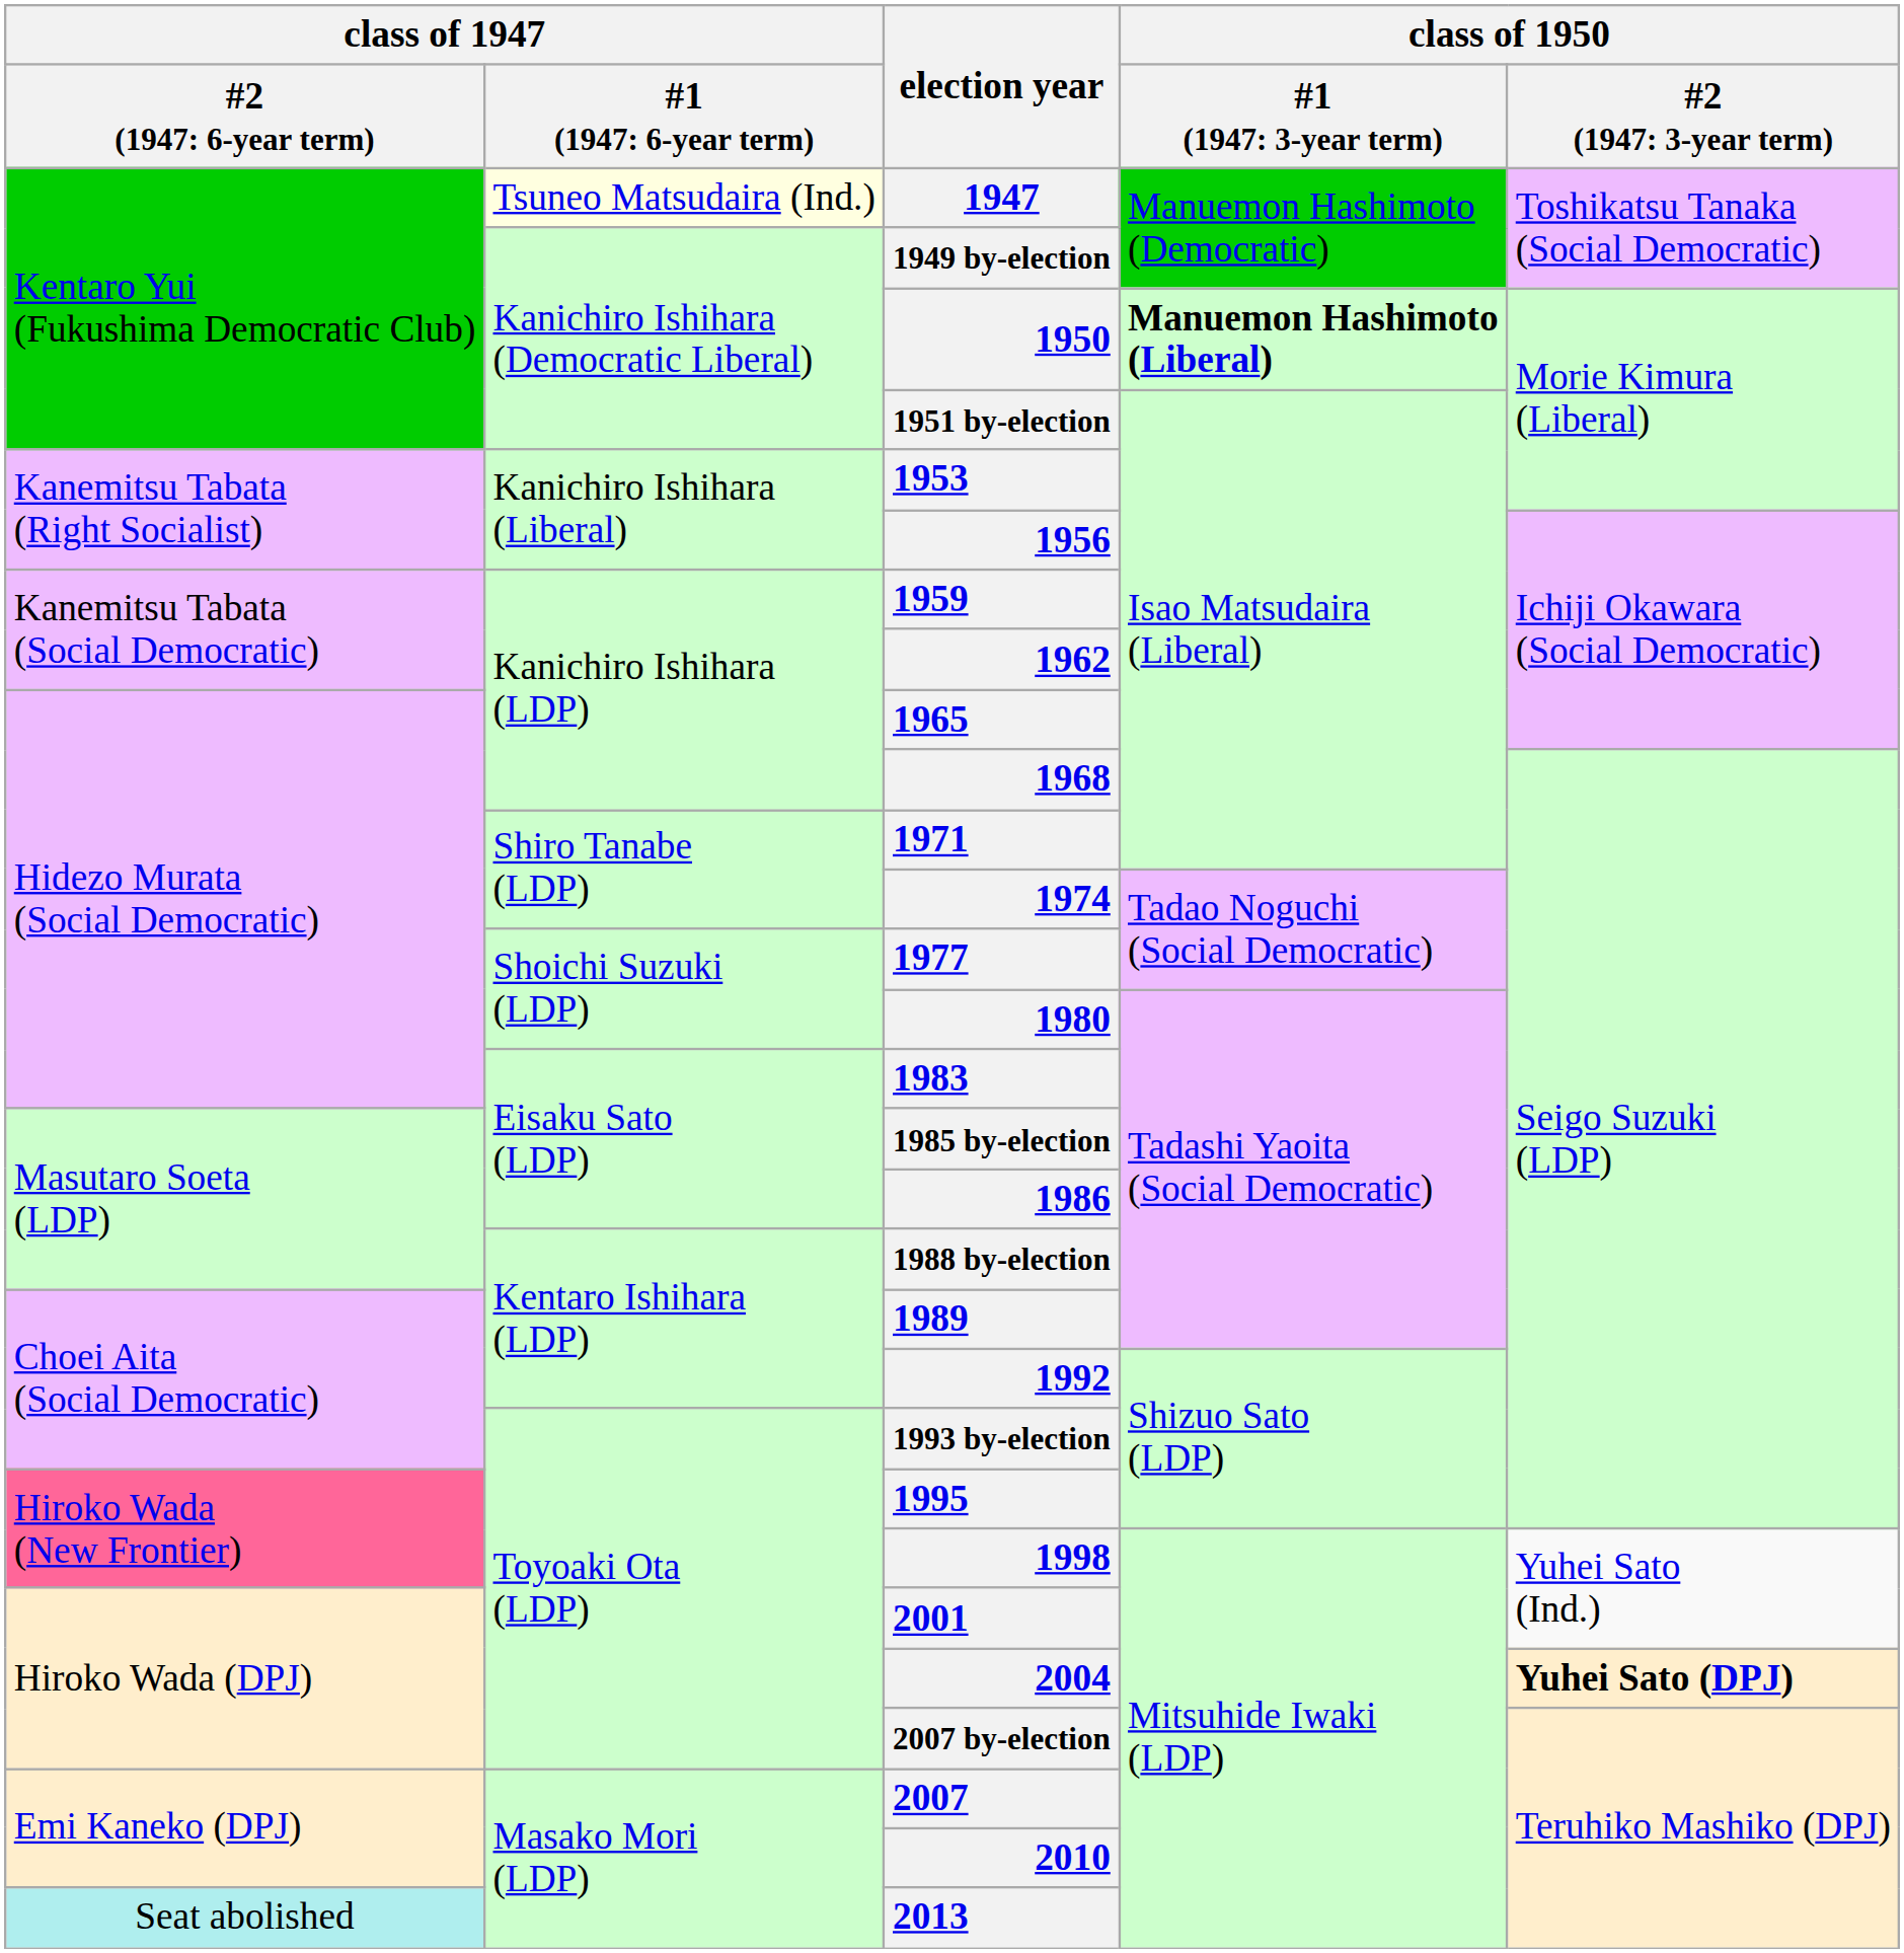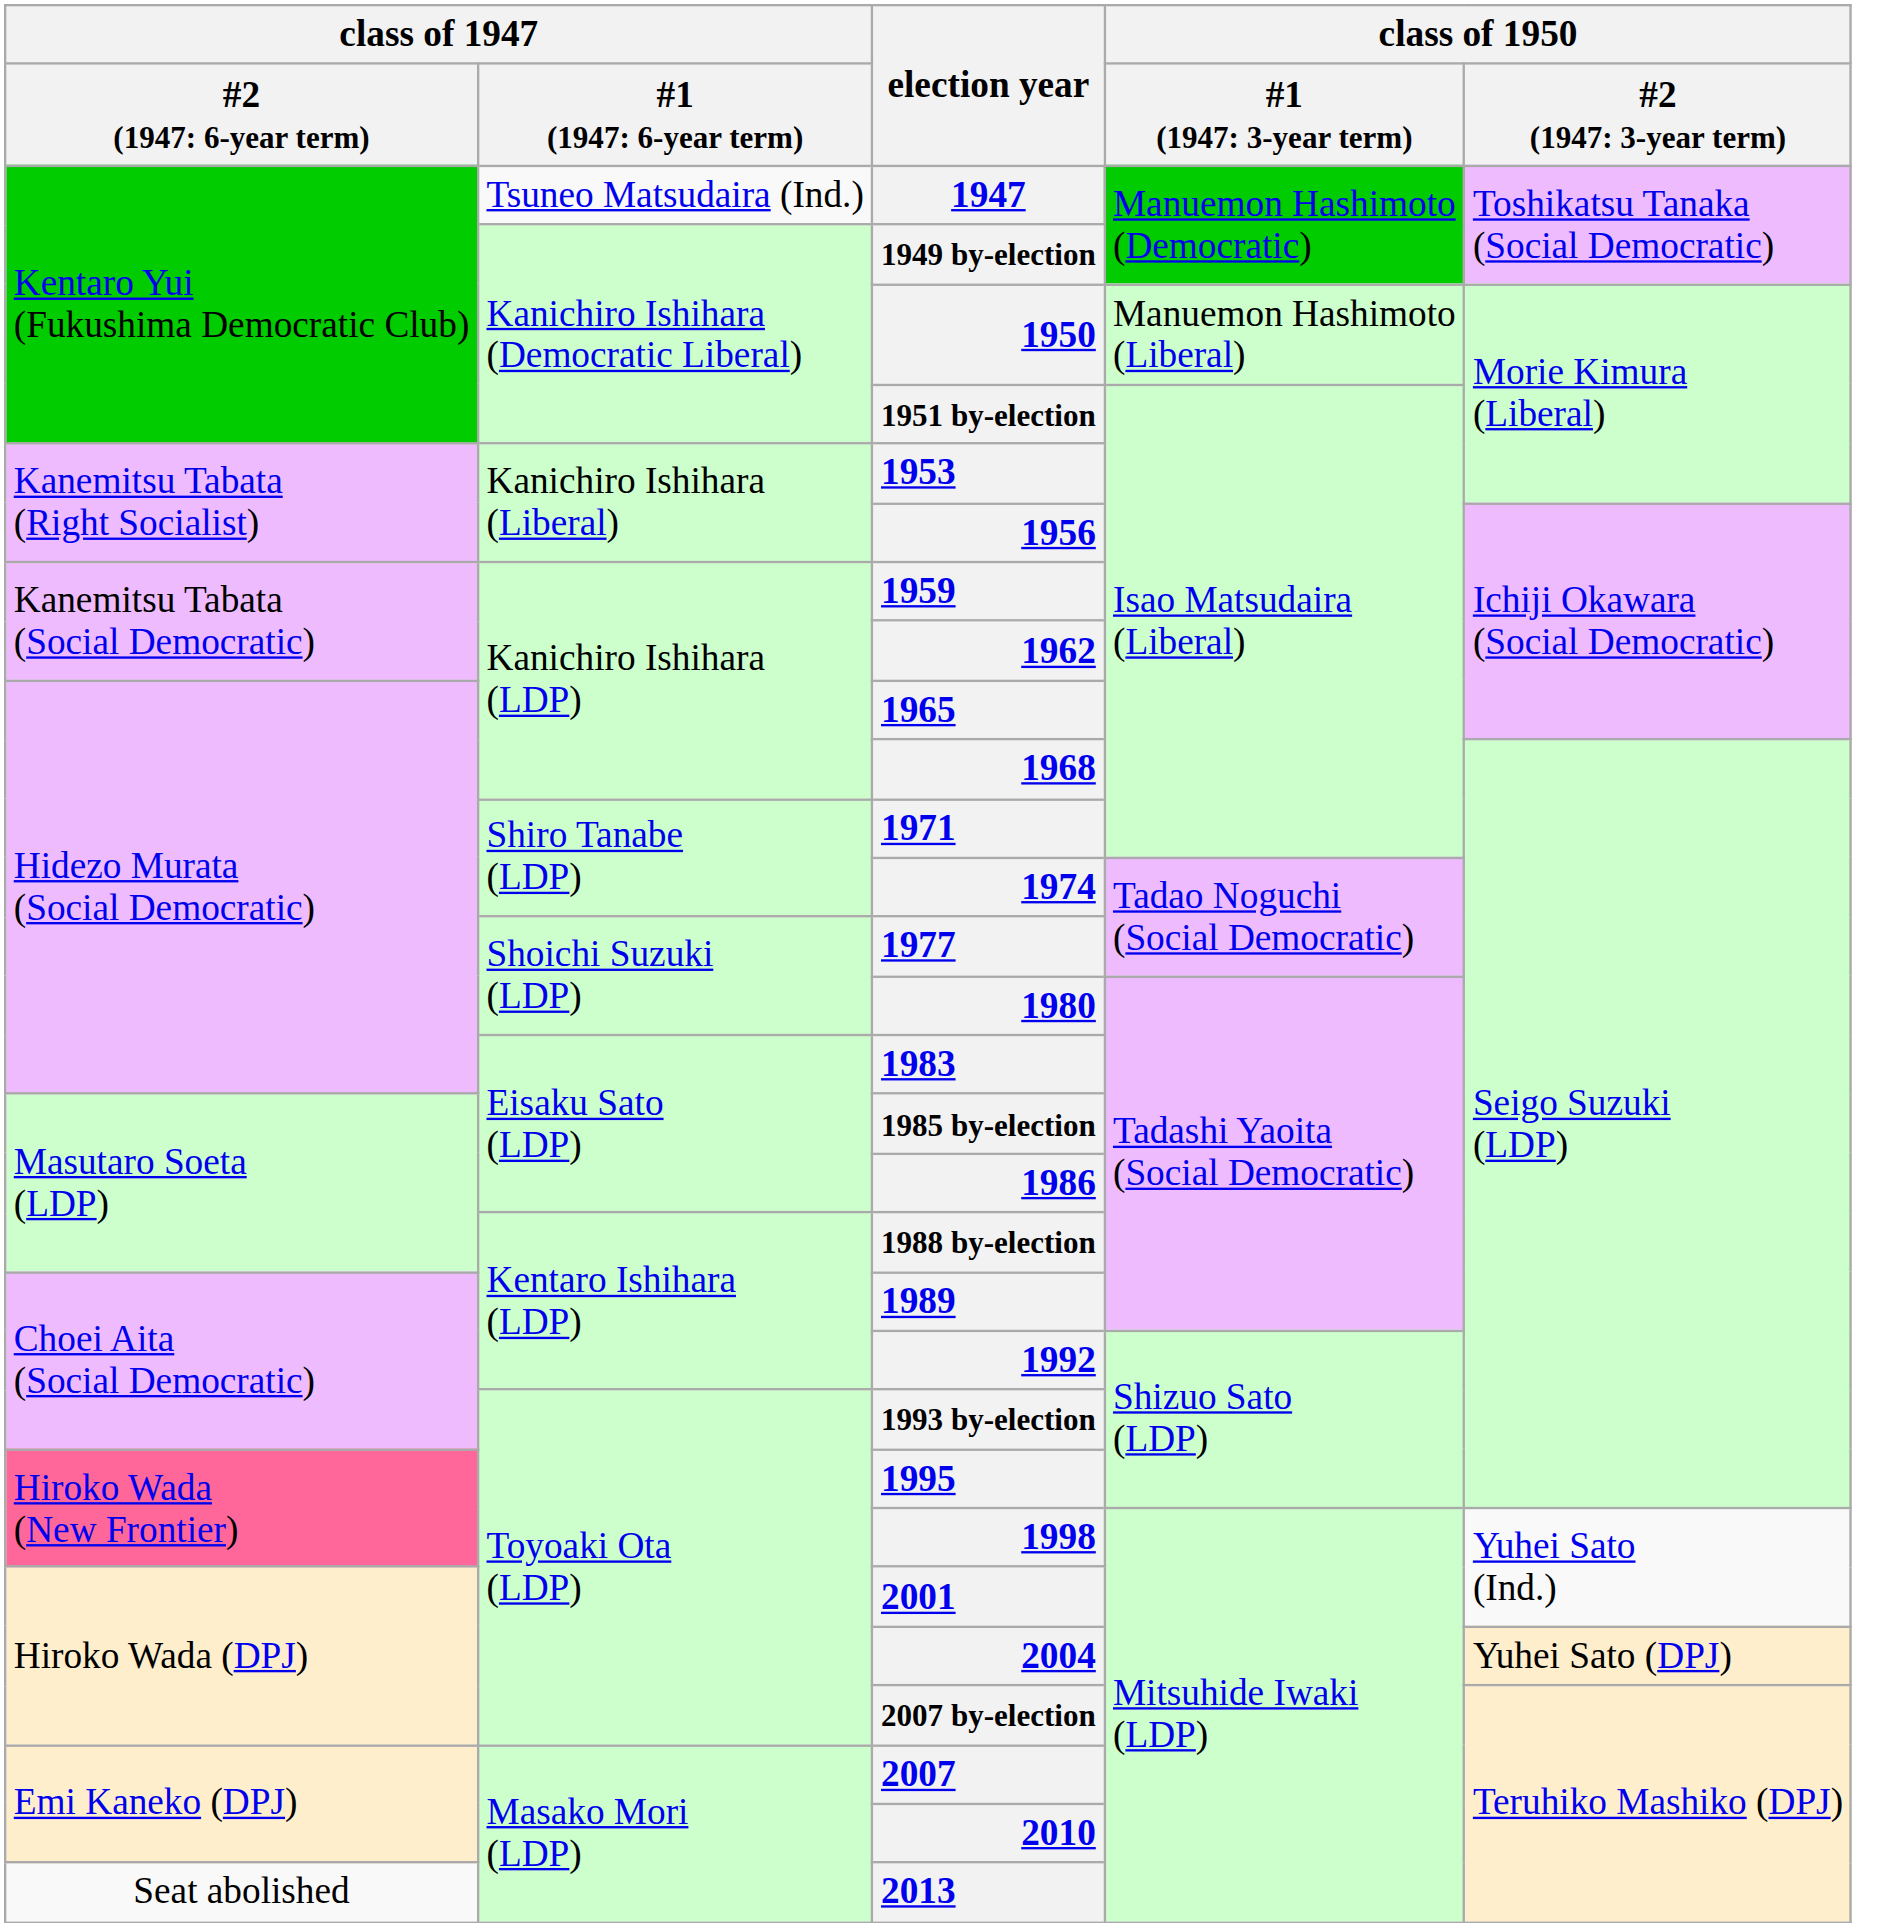 <table class="wikitable" border="1">
 <tr>
 <th colspan="2">class of 1947</th>
 <th rowspan="2">election year</th>
 <th colspan="2">class of 1950</th>
 </tr>
 <tr>
 <th>#2<br><small>(1947: 6-year term)</small></th>
 <th>#1<br><small>(1947: 6-year term)</small></th>
 <th>#1<br><small>(1947: 3-year term)</small></th>
 <th>#2<br><small>(1947: 3-year term)</small></th>
 </tr>
 <tr>
 <td rowspan="4" bgcolor="#00CC00"><a href='#'>Kentaro Yui</a><br>(Fukushima Democratic Club)</td>
-<td style="background: lightyellow;"><a href='#'>Tsuneo Matsudaira</a> (Ind.)</td>
+<td><a href='#'>Tsuneo Matsudaira</a> (Ind.)</td>
 <th style="text-align: center"><a href='#'>1947</a></th>
 <td rowspan="2" bgcolor="#00CC00"><a href='#'>Manuemon Hashimoto</a><br>(<a href='#'>Democratic</a>)</td>
 <td rowspan="2" bgcolor="#EEBBFF"><a href='#'>Toshikatsu Tanaka</a><br>(<a href='#'>Social Democratic</a>)</td>
 </tr>
 <tr>
 <td rowspan="3" bgcolor="#CCFFCC"><a href='#'>Kanichiro Ishihara</a><br>(<a href='#'>Democratic Liberal</a>)</td>
 <th style="text-align: left"><small>1949 by-election</small></th>
 </tr>
 <tr>
 <th style="text-align: right"><a href='#'>1950</a></th>
-<td bgcolor="#CCFFCC"><strong>Manuemon Hashimoto<br>(<a href='#'>Liberal</a>)</strong></td>
+<td bgcolor="#CCFFCC">Manuemon Hashimoto<br>(<a href='#'>Liberal</a>)</td>
 <td rowspan="3" bgcolor="#CCFFCC"><a href='#'>Morie Kimura</a><br>(<a href='#'>Liberal</a>)</td>
 </tr>
 <tr>
 <th style="text-align: right"><small>1951 by-election</small></th>
 <td rowspan="8" bgcolor="#CCFFCC"><a href='#'>Isao Matsudaira</a><br>(<a href='#'>Liberal</a>)</td>
 </tr>
 <tr>
 <td rowspan="2" bgcolor="#EEBBFF"><a href='#'>Kanemitsu Tabata</a><br>(<a href='#'>Right Socialist</a>)</td>
 <td rowspan="2" bgcolor="#CCFFCC">Kanichiro Ishihara<br>(<a href='#'>Liberal</a>)</td>
 <th style="text-align: left"><a href='#'>1953</a></th>
 </tr>
 <tr>
 <th style="text-align: right"><a href='#'>1956</a></th>
 <td rowspan="4" bgcolor="#EEBBFF"><a href='#'>Ichiji Okawara</a><br>(<a href='#'>Social Democratic</a>)</td>
 </tr>
 <tr>
 <td rowspan="2" bgcolor="#EEBBFF">Kanemitsu Tabata<br>(<a href='#'>Social Democratic</a>)</td>
 <td rowspan="4" bgcolor="#CCFFCC">Kanichiro Ishihara<br>(<a href='#'>LDP</a>)</td>
 <th style="text-align: left"><a href='#'>1959</a></th>
 </tr>
 <tr>
 <th style="text-align: right"><a href='#'>1962</a></th>
 </tr>
 <tr>
 <td rowspan="7" bgcolor="#EEBBFF"><a href='#'>Hidezo Murata</a><br>(<a href='#'>Social Democratic</a>)</td>
 <th style="text-align: left"><a href='#'>1965</a></th>
 </tr>
 <tr>
 <th style="text-align: right"><a href='#'>1968</a></th>
 <td rowspan="13" bgcolor="#CCFFCC"><a href='#'>Seigo Suzuki</a><br>(<a href='#'>LDP</a>)</td>
 </tr>
 <tr>
 <td rowspan="2" bgcolor="#CCFFCC"><a href='#'>Shiro Tanabe</a><br>(<a href='#'>LDP</a>)</td>
 <th style="text-align: left"><a href='#'>1971</a></th>
 </tr>
 <tr>
 <th style="text-align: right"><a href='#'>1974</a></th>
 <td rowspan="2" bgcolor="#EEBBFF"><a href='#'>Tadao Noguchi</a><br>(<a href='#'>Social Democratic</a>)</td>
 </tr>
 <tr>
 <td rowspan="2" bgcolor="#CCFFCC"><a href='#'>Shoichi Suzuki</a><br>(<a href='#'>LDP</a>)</td>
 <th style="text-align: left"><a href='#'>1977</a></th>
 </tr>
 <tr>
 <th style="text-align: right"><a href='#'>1980</a></th>
 <td rowspan="6" bgcolor="#EEBBFF"><a href='#'>Tadashi Yaoita</a><br>(<a href='#'>Social Democratic</a>)</td>
 </tr>
 <tr>
 <td rowspan="3" bgcolor="#CCFFCC"><a href='#'>Eisaku Sato</a><br>(<a href='#'>LDP</a>)</td>
 <th style="text-align: left"><a href='#'>1983</a></th>
 </tr>
 <tr>
 <td rowspan="3" bgcolor="#CCFFCC"><a href='#'>Masutaro Soeta</a><br>(<a href='#'>LDP</a>)</td>
 <th style="text-align: left"><small>1985 by-election</small></th>
 </tr>
 <tr>
 <th style="text-align: right"><a href='#'>1986</a></th>
 </tr>
 <tr>
 <td rowspan="3" bgcolor="#CCFFCC"><a href='#'>Kentaro Ishihara</a><br>(<a href='#'>LDP</a>)</td>
 <th style="text-align: left"><small>1988 by-election</small></th>
 </tr>
 <tr>
 <td rowspan="3" bgcolor="#EEBBFF"><a href='#'>Choei Aita</a><br>(<a href='#'>Social Democratic</a>)</td>
 <th style="text-align: left"><a href='#'>1989</a></th>
 </tr>
 <tr>
 <th style="text-align: right"><a href='#'>1992</a></th>
 <td rowspan="3" bgcolor="#CCFFCC"><a href='#'>Shizuo Sato</a><br>(<a href='#'>LDP</a>)</td>
 </tr>
 <tr>
 <td rowspan="6" bgcolor="#CCFFCC"><a href='#'>Toyoaki Ota</a><br>(<a href='#'>LDP</a>)</td>
 <th style="text-align: left"><small>1993 by-election</small></th>
 </tr>
 <tr>
 <td rowspan="2" bgcolor="#FF6699"><a href='#'>Hiroko Wada</a><br>(<a href='#'>New Frontier</a>)</td>
 <th style="text-align: left"><a href='#'>1995</a></th>
 </tr>
 <tr>
 <th style="text-align: right"><a href='#'>1998</a></th>
 <td rowspan="7" bgcolor="#CCFFCC"><a href='#'>Mitsuhide Iwaki</a><br>(<a href='#'>LDP</a>)</td>
 <td rowspan="2"><a href='#'>Yuhei Sato</a><br>(Ind.)</td>
 </tr>
 <tr>
 <td rowspan="3" bgcolor="#FFEECC">Hiroko Wada (<a href='#'>DPJ</a>)</td>
 <th style="text-align: left"><a href='#'>2001</a></th>
 </tr>
 <tr>
 <th style="text-align: right"><a href='#'>2004</a></th>
-<td bgcolor="#FFEECC"><strong>Yuhei Sato (<a href='#'>DPJ</a>)</strong></td>
+<td bgcolor="#FFEECC">Yuhei Sato (<a href='#'>DPJ</a>)</td>
 </tr>
 <tr>
 <th style="text-align: right"><small>2007 by-election</small></th>
 <td rowspan="4" bgcolor="#FFEECC"><a href='#'>Teruhiko Mashiko</a> (<a href='#'>DPJ</a>)</td>
 </tr>
 <tr>
 <td rowspan="2" bgcolor="#FFEECC"><a href='#'>Emi Kaneko</a> (<a href='#'>DPJ</a>)</td>
 <td rowspan="4" bgcolor="#CCFFCC"><a href='#'>Masako Mori</a><br>(<a href='#'>LDP</a>)</td>
 <th style="text-align: left"><a href='#'>2007</a></th>
 </tr>
 <tr>
 <th style="text-align: right"><a href='#'>2010</a></th>
 </tr>
 <tr>
-<td align="center" style="background: paleturquoise;">Seat abolished</td>
+<td align="center">Seat abolished</td>
 <th style="text-align: left"><a href='#'>2013</a></th>
 </tr>
 </table>
